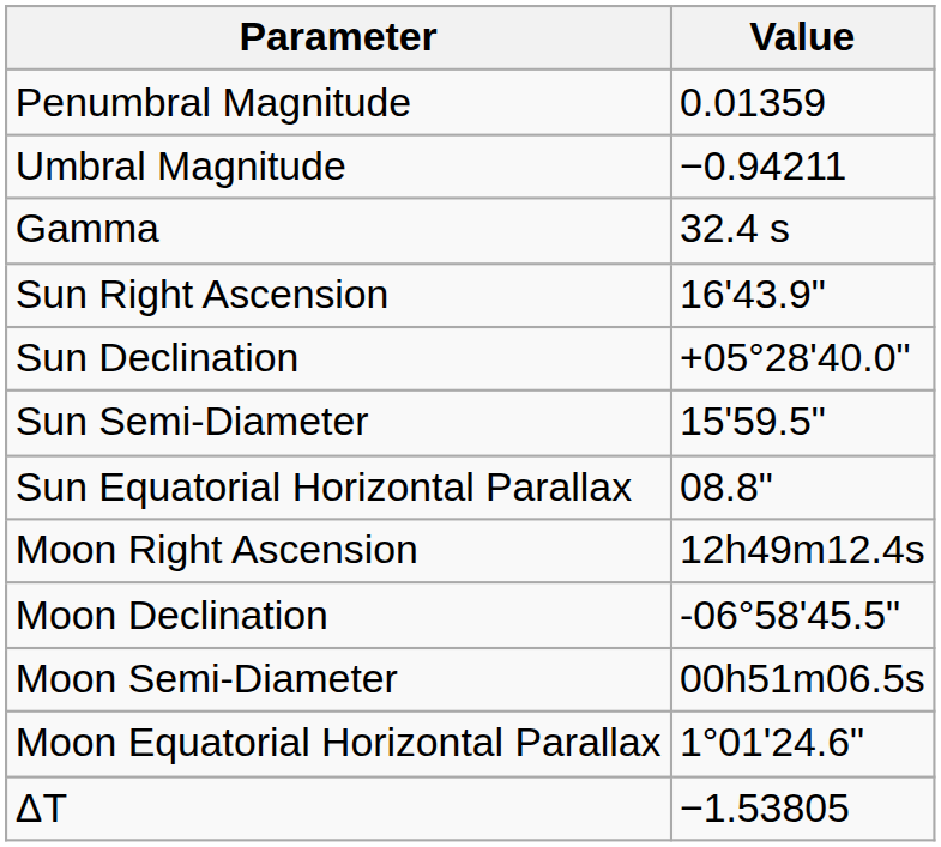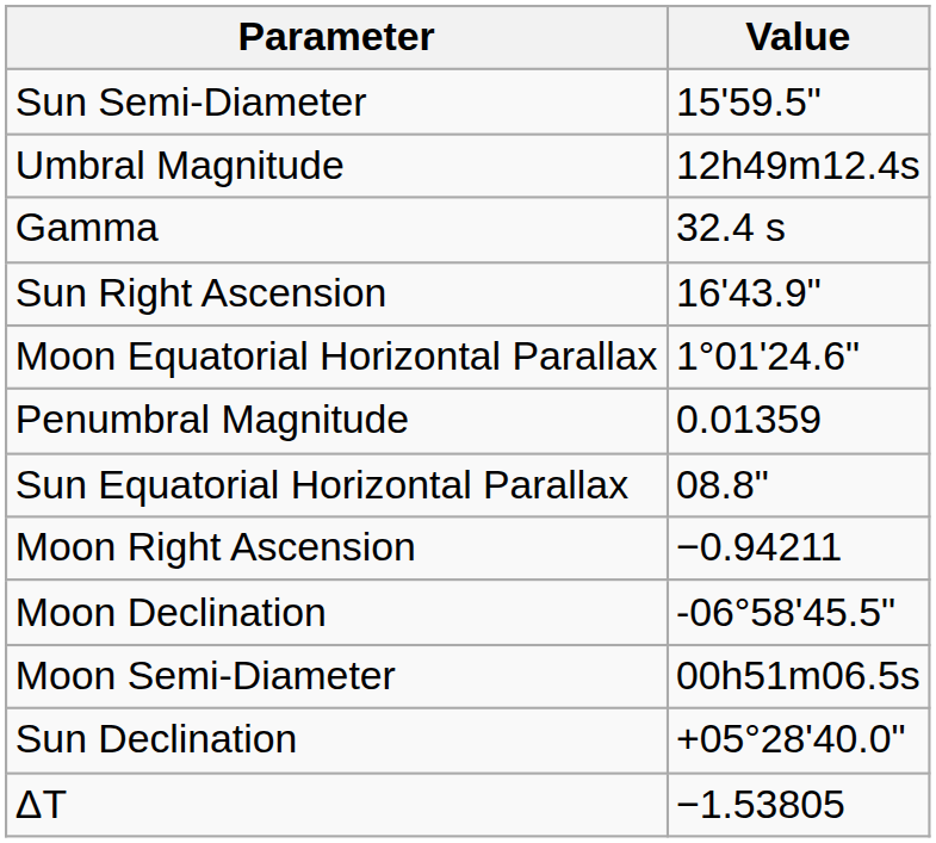 <table class="wikitable">
 <tr>
 <th>Parameter</th>
 <th>Value</th>
 </tr>
 <tr>
-<td>Penumbral Magnitude</td>
-<td>0.01359</td>
+<td>Sun Semi-Diameter</td>
+<td>15'59.5"</td>
 </tr>
 <tr>
 <td>Umbral Magnitude</td>
-<td>−0.94211</td>
+<td>12h49m12.4s</td>
 </tr>
 <tr>
 <td>Gamma</td>
 <td>32.4 s</td>
 </tr>
 <tr>
 <td>Sun Right Ascension</td>
 <td>16'43.9"</td>
 </tr>
 <tr>
-<td>Sun Declination</td>
-<td>+05°28'40.0"</td>
+<td>Moon Equatorial Horizontal Parallax</td>
+<td>1°01'24.6"</td>
 </tr>
 <tr>
-<td>Sun Semi-Diameter</td>
-<td>15'59.5"</td>
+<td>Penumbral Magnitude</td>
+<td>0.01359</td>
 </tr>
 <tr>
 <td>Sun Equatorial Horizontal Parallax</td>
 <td>08.8"</td>
 </tr>
 <tr>
 <td>Moon Right Ascension</td>
-<td>12h49m12.4s</td>
+<td>−0.94211</td>
 </tr>
 <tr>
 <td>Moon Declination</td>
 <td>-06°58'45.5"</td>
 </tr>
 <tr>
 <td>Moon Semi-Diameter</td>
 <td>00h51m06.5s</td>
 </tr>
 <tr>
-<td>Moon Equatorial Horizontal Parallax</td>
-<td>1°01'24.6"</td>
+<td>Sun Declination</td>
+<td>+05°28'40.0"</td>
 </tr>
 <tr>
 <td>ΔT</td>
 <td>−1.53805</td>
 </tr>
 </table>
